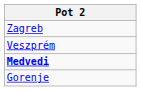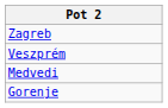 <table class="wikitable">
 <tr>
 <th width=165>Pot 2</th>
 </tr>
 <tr>
 <td> <a href='#'>Zagreb</a></td>
 </tr>
 <tr>
 <td> <a href='#'>Veszprém</a></td>
 </tr>
 <tr>
-<td><strong> <a href='#'>Medvedi</a></strong></td>
+<td> <a href='#'>Medvedi</a></td>
 </tr>
 <tr>
 <td> <a href='#'>Gorenje</a></td>
 </tr>
 </table>
